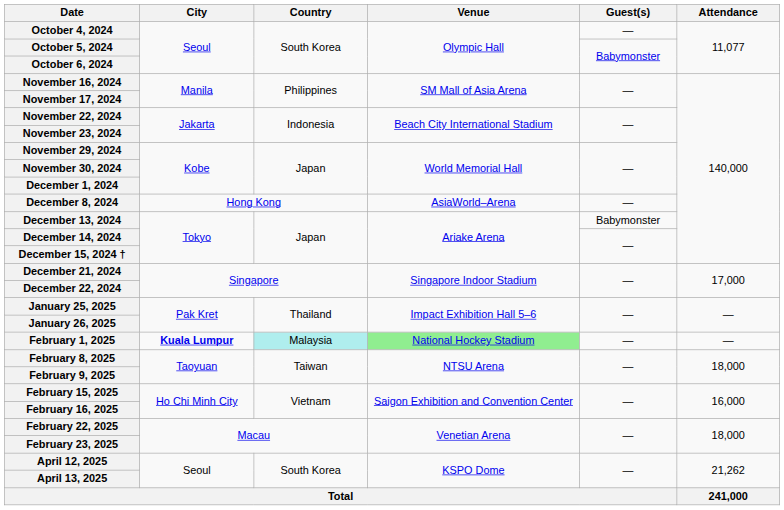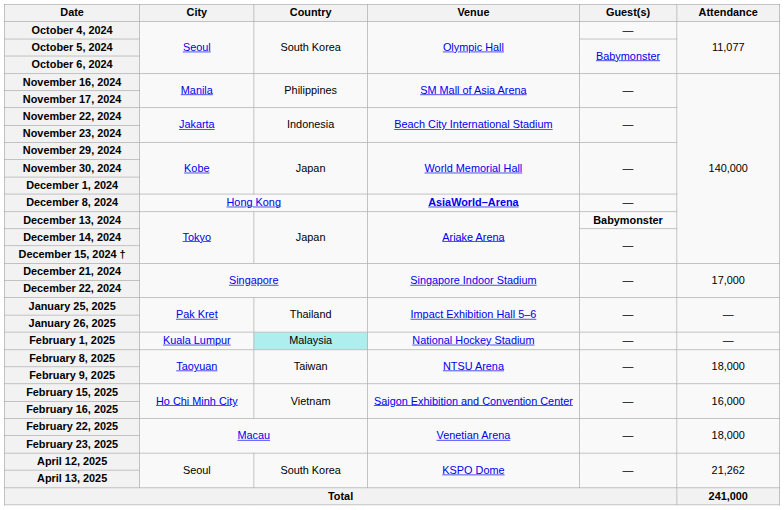 <table class="wikitable plainrowheaders" style="text-align:center;">
 <tr>
 <th scope="col" style="width:12em;">Date</th>
 <th scope="col" style="width:10em;">City</th>
 <th scope="col" style="width:10em;">Country</th>
 <th scope="col" style="width:19em;">Venue</th>
 <th scope="col" style="width:8.5em;">Guest(s)</th>
 <th scope="col" style="width:9em;">Attendance</th>
 </tr>
 <tr>
 <th scope="row" style="text-align:center">October 4, 2024</th>
 <td rowspan="3"><a href='#'>Seoul</a></td>
 <td rowspan="3">South Korea</td>
 <td rowspan="3"><a href='#'>Olympic Hall</a></td>
 <td>—</td>
 <td rowspan="3">11,077</td>
 </tr>
 <tr>
 <th scope="row" style="text-align:center">October 5, 2024</th>
 <td rowspan="2"><a href='#'>Babymonster</a></td>
 </tr>
 <tr>
 <th scope="row" style="text-align:center">October 6, 2024</th>
 </tr>
 <tr>
 <th scope="row" style="text-align:center">November 16, 2024</th>
 <td rowspan="2"><a href='#'>Manila</a></td>
 <td rowspan="2">Philippines</td>
 <td rowspan="2"><a href='#'>SM Mall of Asia Arena</a></td>
 <td rowspan="2">—</td>
 <td rowspan="11">140,000</td>
 </tr>
 <tr>
 <th scope="row" style="text-align:center">November 17, 2024</th>
 </tr>
 <tr>
 <th scope="row" style="text-align:center">November 22, 2024</th>
 <td rowspan="2"><a href='#'>Jakarta</a></td>
 <td rowspan="2">Indonesia</td>
 <td rowspan="2"><a href='#'>Beach City International Stadium</a></td>
 <td rowspan="2">—</td>
 </tr>
 <tr>
 <th scope="row" style="text-align:center">November 23, 2024</th>
 </tr>
 <tr>
 <th scope="row" style="text-align:center">November 29, 2024</th>
 <td rowspan="3"><a href='#'>Kobe</a></td>
 <td rowspan="3">Japan</td>
 <td rowspan="3"><a href='#'>World Memorial Hall</a></td>
 <td rowspan="3">—</td>
 </tr>
 <tr>
 <th scope="row" style="text-align:center">November 30, 2024</th>
 </tr>
 <tr>
 <th scope="row" style="text-align:center">December 1, 2024</th>
 </tr>
 <tr>
 <th scope="row" style="text-align:center">December 8, 2024</th>
 <td colspan="2"><a href='#'>Hong Kong</a></td>
-<td><a href='#'>AsiaWorld–Arena</a></td>
+<td><strong><a href='#'>AsiaWorld–Arena</a></strong></td>
 <td>—</td>
 </tr>
 <tr>
 <th scope="row" style="text-align:center">December 13, 2024</th>
 <td rowspan="3"><a href='#'>Tokyo</a></td>
 <td rowspan="3">Japan</td>
 <td rowspan="3"><a href='#'>Ariake Arena</a></td>
-<td>Babymonster</td>
+<td><strong>Babymonster</strong></td>
 </tr>
 <tr>
 <th scope="row" style="text-align:center">December 14, 2024</th>
 <td rowspan="2">—</td>
 </tr>
 <tr>
 <th scope="row" style="text-align:center">December 15, 2024 †</th>
 </tr>
 <tr>
 <th scope="row" style="text-align:center">December 21, 2024</th>
 <td colspan="2" rowspan="2"><a href='#'>Singapore</a></td>
 <td rowspan="2"><a href='#'>Singapore Indoor Stadium</a></td>
 <td rowspan="2">—</td>
 <td rowspan="2">17,000</td>
 </tr>
 <tr>
 <th scope="row" style="text-align:center">December 22, 2024</th>
 </tr>
 <tr>
 <th scope="row" style="text-align:center">January 25, 2025</th>
 <td rowspan="2"><a href='#'>Pak Kret</a></td>
 <td rowspan="2">Thailand</td>
 <td rowspan="2"><a href='#'>Impact Exhibition Hall 5–6</a></td>
 <td rowspan="2">—</td>
 <td rowspan="2">—</td>
 </tr>
 <tr>
 <th scope="row" style="text-align:center">January 26, 2025</th>
 </tr>
 <tr>
 <th scope="row" style="text-align:center">February 1, 2025</th>
-<td><strong><a href='#'>Kuala Lumpur</a></strong></td>
+<td><a href='#'>Kuala Lumpur</a></td>
 <td style="background: paleturquoise;">Malaysia</td>
-<td style="background: lightgreen;"><a href='#'>National Hockey Stadium</a></td>
+<td><a href='#'>National Hockey Stadium</a></td>
 <td>—</td>
 <td>—</td>
 </tr>
 <tr>
 <th scope="row" style="text-align:center">February 8, 2025</th>
 <td rowspan="2"><a href='#'>Taoyuan</a></td>
 <td rowspan="2">Taiwan</td>
 <td rowspan="2"><a href='#'>NTSU Arena</a></td>
 <td rowspan="2">—</td>
 <td rowspan="2">18,000</td>
 </tr>
 <tr>
 <th scope="row" style="text-align:center">February 9, 2025</th>
 </tr>
 <tr>
 <th scope="row" style="text-align:center">February 15, 2025</th>
 <td rowspan="2"><a href='#'>Ho Chi Minh City</a></td>
 <td rowspan="2">Vietnam</td>
 <td rowspan="2"><a href='#'>Saigon Exhibition and Convention Center</a></td>
 <td rowspan="2">—</td>
 <td rowspan="2">16,000</td>
 </tr>
 <tr>
 <th scope="row" style="text-align:center">February 16, 2025</th>
 </tr>
 <tr>
 <th scope="row" style="text-align:center">February 22, 2025</th>
 <td colspan="2" rowspan="2"><a href='#'>Macau</a></td>
 <td rowspan="2"><a href='#'>Venetian Arena</a></td>
 <td rowspan="2">—</td>
 <td rowspan="2">18,000</td>
 </tr>
 <tr>
 <th scope="row" style="text-align:center">February 23, 2025</th>
 </tr>
 <tr>
 <th scope="row" style="text-align:center">April 12, 2025</th>
 <td rowspan="2">Seoul</td>
 <td rowspan="2">South Korea</td>
 <td rowspan="2"><a href='#'>KSPO Dome</a></td>
 <td rowspan="2">—</td>
 <td rowspan="2">21,262</td>
 </tr>
 <tr>
 <th scope="row" style="text-align:center">April 13, 2025</th>
 </tr>
 <tr>
 <th colspan="5">Total</th>
 <th>241,000</th>
 </tr>
 </table>
